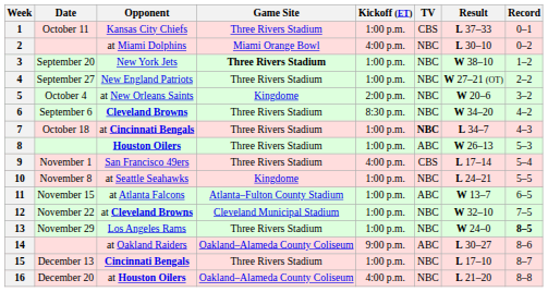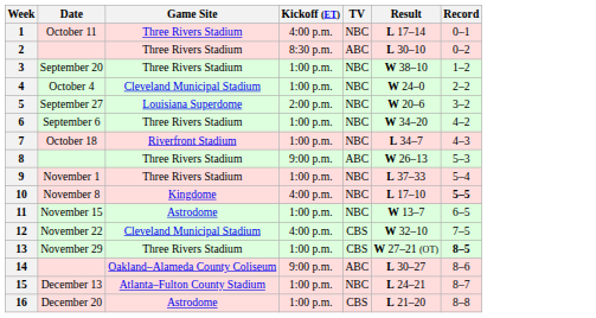 <table class="wikitable" style="text-align:center">
 <tr>
 <th>Week</th>
 <th>Date</th>
-<th>Opponent</th>
 <th>Game Site</th>
 <th>Kickoff <small>(<a href='#'>ET</a>)</small></th>
 <th>TV</th>
 <th>Result</th>
 <th>Record</th>
 </tr>
 <tr style="background:#ffdddd;">
 <th>1</th>
 <td>October 11</td>
-<td><a href='#'>Kansas City Chiefs</a></td>
 <td><a href='#'>Three Rivers Stadium</a></td>
-<td>1:00 p.m.</td>
-<td>CBS</td>
-<td><strong>L</strong> 37–33</td>
+<td>4:00 p.m.</td>
+<td>NBC</td>
+<td><strong>L</strong> 17–14</td>
 <td>0–1</td>
 </tr>
 <tr style="background:#ffdddd;">
 <th>2</th>
 <td></td>
-<td>at <a href='#'>Miami Dolphins</a></td>
-<td><a href='#'>Miami Orange Bowl</a></td>
-<td>4:00 p.m.</td>
-<td>NBC</td>
+<td>Three Rivers Stadium</td>
+<td>8:30 p.m.</td>
+<td>ABC</td>
 <td><strong>L</strong> 30–10</td>
 <td>0–2</td>
 </tr>
 <tr style="background: #ddffdd;">
 <th>3</th>
 <td>September 20</td>
-<td><a href='#'>New York Jets</a></td>
-<td><strong>Three Rivers Stadium</strong></td>
+<td>Three Rivers Stadium</td>
 <td>1:00 p.m.</td>
 <td>NBC</td>
 <td><strong>W</strong> 38–10</td>
 <td>1–2</td>
 </tr>
 <tr style="background: #ddffdd;">
 <th>4</th>
-<td>September 27</td>
-<td><a href='#'>New England Patriots</a></td>
-<td>Three Rivers Stadium</td>
+<td>October 4</td>
+<td><a href='#'>Cleveland Municipal Stadium</a></td>
 <td>1:00 p.m.</td>
 <td>NBC</td>
-<td><strong>W</strong> 27–21 <small>(OT)</small></td>
+<td><strong>W</strong> 24–0</td>
 <td>2–2</td>
 </tr>
 <tr style="background: #ddffdd;">
 <th>5</th>
-<td>October 4</td>
-<td>at <a href='#'>New Orleans Saints</a></td>
-<td><a href='#'>Kingdome</a></td>
+<td>September 27</td>
+<td><a href='#'>Louisiana Superdome</a></td>
 <td>2:00 p.m.</td>
 <td>NBC</td>
 <td><strong>W</strong> 20–6</td>
 <td>3–2</td>
 </tr>
 <tr style="background: #ddffdd;">
 <th>6</th>
 <td>September 6</td>
-<td><strong><a href='#'>Cleveland Browns</a></strong></td>
 <td>Three Rivers Stadium</td>
-<td>8:30 p.m.</td>
+<td>1:00 p.m.</td>
 <td>NBC</td>
 <td><strong>W</strong> 34–20</td>
 <td>4–2</td>
 </tr>
 <tr style="background:#ffdddd;">
 <th>7</th>
 <td>October 18</td>
-<td>at <strong><a href='#'>Cincinnati Bengals</a></strong></td>
-<td>Three Rivers Stadium</td>
+<td><a href='#'>Riverfront Stadium</a></td>
 <td>1:00 p.m.</td>
-<td><strong>NBC</strong></td>
+<td>NBC</td>
 <td><strong>L</strong> 34–7</td>
 <td>4–3</td>
 </tr>
 <tr style="background: #ddffdd;">
 <th>8</th>
 <td></td>
-<td><strong><a href='#'>Houston Oilers</a></strong></td>
 <td>Three Rivers Stadium</td>
-<td>1:00 p.m.</td>
+<td>9:00 p.m.</td>
 <td>ABC</td>
 <td><strong>W</strong> 26–13</td>
 <td>5–3</td>
 </tr>
 <tr style="background:#ffdddd;">
 <th>9</th>
 <td>November 1</td>
-<td><a href='#'>San Francisco 49ers</a></td>
 <td>Three Rivers Stadium</td>
-<td>4:00 p.m.</td>
-<td>CBS</td>
-<td><strong>L</strong> 17–14</td>
+<td>1:00 p.m.</td>
+<td>NBC</td>
+<td><strong>L</strong> 37–33</td>
 <td>5–4</td>
 </tr>
 <tr style="background:#ffdddd;">
 <th>10</th>
 <td>November 8</td>
-<td>at <a href='#'>Seattle Seahawks</a></td>
 <td><a href='#'>Kingdome</a></td>
-<td>1:00 p.m.</td>
+<td>4:00 p.m.</td>
 <td>NBC</td>
-<td><strong>L</strong> 24–21</td>
-<td>5–5</td>
+<td><strong>L</strong> 17–10</td>
+<td><strong>5–5</strong></td>
 </tr>
 <tr style="background: #ddffdd;">
 <th>11</th>
 <td>November 15</td>
-<td>at <a href='#'>Atlanta Falcons</a></td>
-<td><a href='#'>Atlanta–Fulton County Stadium</a></td>
+<td><a href='#'>Astrodome</a></td>
 <td>1:00 p.m.</td>
-<td>ABC</td>
+<td>NBC</td>
 <td><strong>W</strong> 13–7</td>
 <td>6–5</td>
 </tr>
 <tr style="background: #ddffdd;">
 <th>12</th>
 <td>November 22</td>
-<td>at <strong><a href='#'>Cleveland Browns</a></strong></td>
 <td><a href='#'>Cleveland Municipal Stadium</a></td>
-<td>1:00 p.m.</td>
-<td>NBC</td>
+<td>4:00 p.m.</td>
+<td>CBS</td>
 <td><strong>W</strong> 32–10</td>
 <td>7–5</td>
 </tr>
 <tr style="background: #ddffdd;">
 <th>13</th>
 <td>November 29</td>
-<td><a href='#'>Los Angeles Rams</a></td>
 <td>Three Rivers Stadium</td>
 <td>1:00 p.m.</td>
-<td>NBC</td>
-<td><strong>W</strong> 24–0</td>
+<td>CBS</td>
+<td><strong>W</strong> 27–21 <small>(OT)</small></td>
 <td><strong>8–5</strong></td>
 </tr>
 <tr style="background:#ffdddd;">
 <th>14</th>
 <td></td>
-<td>at <a href='#'>Oakland Raiders</a></td>
 <td><a href='#'>Oakland–Alameda County Coliseum</a></td>
 <td>9:00 p.m.</td>
 <td>ABC</td>
 <td><strong>L</strong> 30–27</td>
 <td>8–6</td>
 </tr>
 <tr style="background:#ffdddd;">
 <th>15</th>
 <td>December 13</td>
-<td><strong><a href='#'>Cincinnati Bengals</a></strong></td>
-<td>Three Rivers Stadium</td>
+<td><a href='#'>Atlanta–Fulton County Stadium</a></td>
 <td>1:00 p.m.</td>
 <td>NBC</td>
-<td><strong>L</strong> 17–10</td>
+<td><strong>L</strong> 24–21</td>
 <td>8–7</td>
 </tr>
 <tr style="background:#ffdddd;">
 <th>16</th>
 <td>December 20</td>
-<td>at <strong><a href='#'>Houston Oilers</a></strong></td>
-<td><a href='#'>Oakland–Alameda County Coliseum</a></td>
-<td>4:00 p.m.</td>
-<td>NBC</td>
+<td><a href='#'>Astrodome</a></td>
+<td>1:00 p.m.</td>
+<td>CBS</td>
 <td><strong>L</strong> 21–20</td>
 <td>8–8</td>
 </tr>
 </table>
